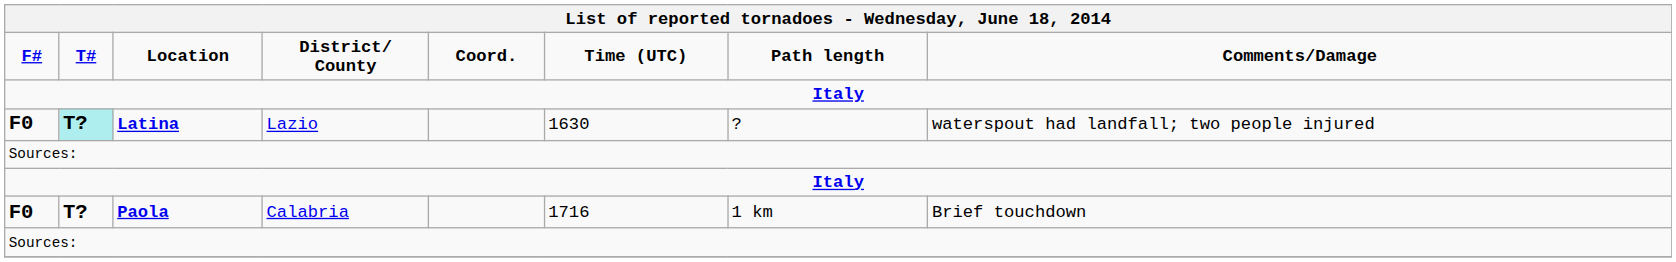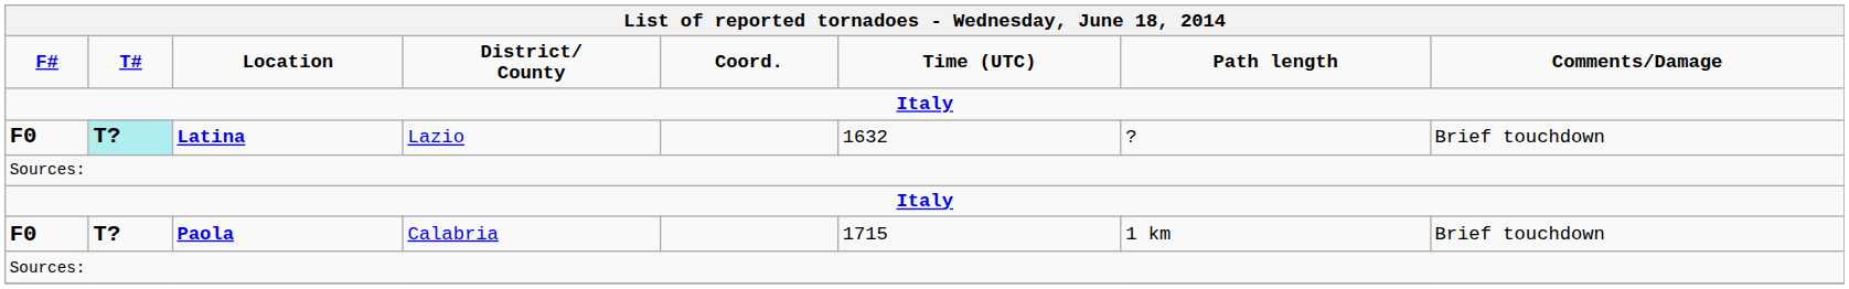 <table class="wikitable collapsible" width="100%">
 <tr>
 <th colspan="8">List of reported tornadoes - Wednesday, June 18, 2014</th>
 </tr>
 <tr>
 <td style="text-align: center;"><strong><a href='#'>F#</a></strong></td>
 <td style="text-align: center;"><strong><a href='#'>T#</a></strong></td>
 <td style="text-align: center;"><strong>Location</strong></td>
 <td style="text-align: center;"><strong>District/<br>County</strong></td>
 <td style="text-align: center;"><strong>Coord.</strong></td>
 <td style="text-align: center;"><strong>Time (UTC)</strong></td>
 <td style="text-align: center;"><strong>Path length</strong></td>
 <td style="text-align: center;"><strong>Comments/Damage</strong></td>
 </tr>
 <tr>
 <td colspan="8" align=center><strong><a href='#'>Italy</a></strong></td>
 </tr>
 <tr>
 <td><big><strong>F0</strong></big></td>
 <td style="background: paleturquoise;"><big><strong>T?</strong></big></td>
 <td><strong><a href='#'>Latina</a></strong></td>
 <td><a href='#'>Lazio</a></td>
 <td></td>
-<td>1630</td>
+<td>1632</td>
 <td>?</td>
-<td>waterspout had landfall; two people injured</td>
+<td>Brief touchdown</td>
 </tr>
 <tr>
 <td colspan="8"><small>Sources:</small></td>
 </tr>
 <tr>
 <td colspan="8" align=center><strong><a href='#'>Italy</a></strong></td>
 </tr>
 <tr>
 <td><big><strong>F0</strong></big></td>
 <td><big><strong>T?</strong></big></td>
 <td><strong><a href='#'>Paola</a></strong></td>
 <td><a href='#'>Calabria</a></td>
 <td></td>
-<td>1716</td>
+<td>1715</td>
 <td>1 km</td>
 <td>Brief touchdown</td>
 </tr>
 <tr>
 <td colspan="8"><small>Sources:</small></td>
 </tr>
 <tr>
 </tr>
 </table>
